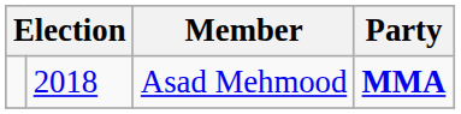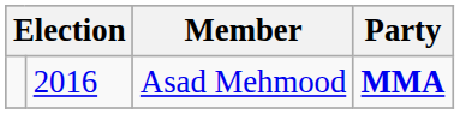 <table class="wikitable">
 <tr>
 <th colspan="2">Election</th>
 <th>Member</th>
 <th>Party</th>
 </tr>
 <tr>
 <td style="background-color: "></td>
-<td><a href='#'>2018</a></td>
+<td><a href='#'>2016</a></td>
 <td><a href='#'>Asad Mehmood</a></td>
 <td><strong><a href='#'>MMA</a></strong></td>
 </tr>
 </table>
